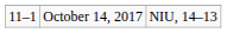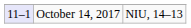 <table class="wikitable">
 <tr align="center">
 </tr>
 <tr align="center">
-<td>11–1</td>
+<td style="background: lavender;">11–1</td>
 <td>October 14, 2017</td>
 <td>NIU, 14–13</td>
 </tr>
 </table>
